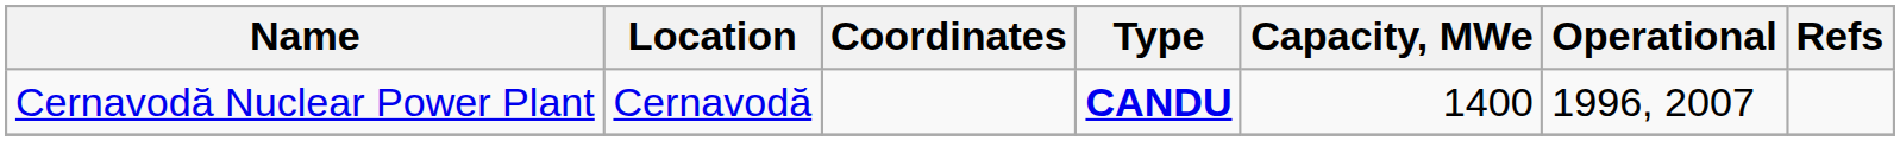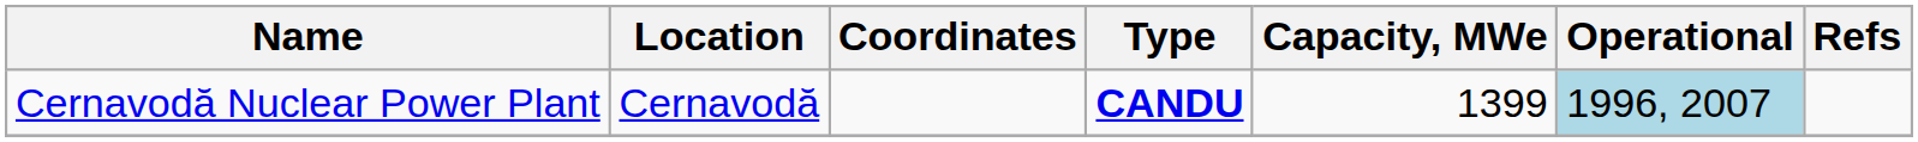 <table class="wikitable">
 <tr>
 <th>Name</th>
 <th>Location</th>
 <th>Coordinates</th>
 <th>Type</th>
 <th>Capacity, MWe</th>
 <th>Operational</th>
 <th>Refs</th>
 </tr>
 <tr>
 <td><a href='#'>Cernavodă Nuclear Power Plant</a></td>
 <td><a href='#'>Cernavodă</a></td>
 <td></td>
 <td><strong><a href='#'>CANDU</a></strong></td>
-<td align="right">1400</td>
-<td>1996, 2007</td>
+<td align="right">1399</td>
+<td style="background: lightblue;">1996, 2007</td>
 <td></td>
 </tr>
 <tr>
 </tr>
 </table>
